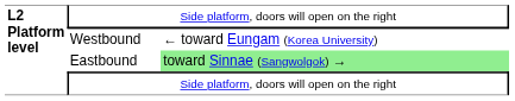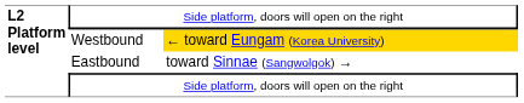 <table table border=0 cellspacing=0 cellpadding=3>
 <tr>
 <td style="border-top:solid 1px gray;border-bottom:solid 1px gray;" width=50 rowspan=10 valign=top><strong>L2<br>Platform level</strong></td>
 <td style="border-top:solid 1px gray;border-right:solid 2px black;border-left:solid 2px black;border-bottom:solid 2px black;text-align:center;" colspan=2><small><a href='#'>Side platform</a>, doors will open on the right</small></td>
 </tr>
 <tr>
 <td style="border-bottom:solid 0px gray;border-top:solid 1px gray;" width=100>Westbound</td>
-<td style="border-bottom:solid 0px gray;border-top:solid 1px gray;" width=390>←  toward <a href='#'>Eungam</a> <small>(<a href='#'>Korea University</a>)</small></td>
+<td style="background: gold; border-bottom:solid 0px gray;border-top:solid 1px gray;" width=390>←  toward <a href='#'>Eungam</a> <small>(<a href='#'>Korea University</a>)</small></td>
 </tr>
 <tr>
 <td>Eastbound</td>
-<td style="background: lightgreen;">  toward <a href='#'>Sinnae</a> <small>(<a href='#'>Sangwolgok</a>)</small> →</td>
+<td>  toward <a href='#'>Sinnae</a> <small>(<a href='#'>Sangwolgok</a>)</small> →</td>
 </tr>
 <tr>
 <td style="border-top:solid 2px black;border-right:solid 2px black;border-left:solid 2px black;border-bottom:solid 1px gray;text-align:center;" colspan=2><small><a href='#'>Side platform</a>, doors will open on the right </small></td>
 </tr>
 </table>
